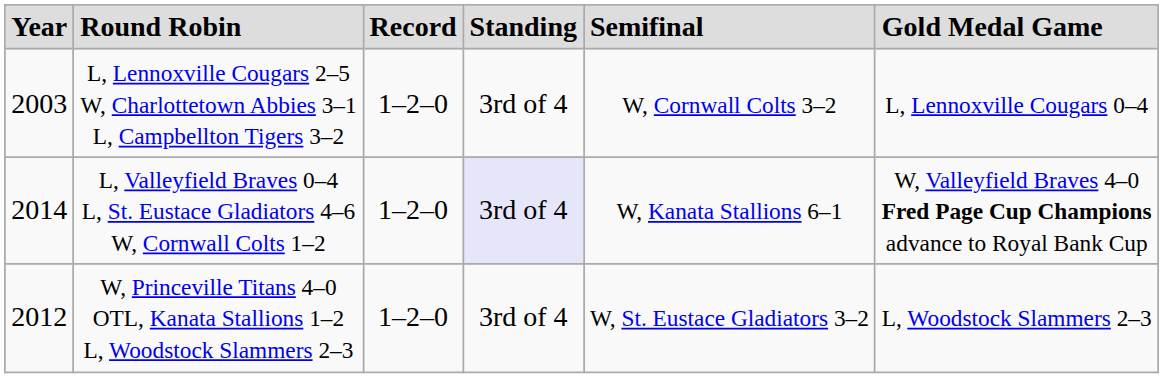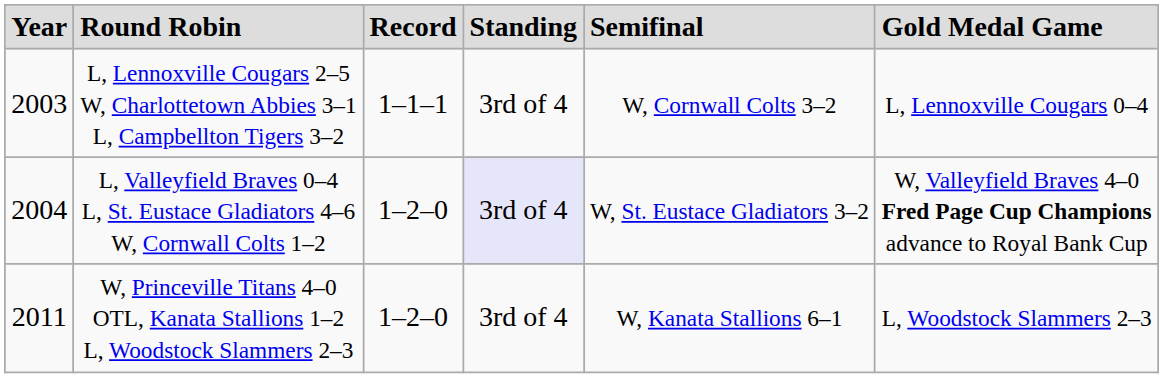 <table class="wikitable">
 <tr style="font-weight:bold; background-color:#dddddd;" |>
 <td>Year</td>
 <td>Round Robin</td>
 <td>Record</td>
 <td>Standing</td>
 <td>Semifinal</td>
 <td>Gold Medal Game</td>
 </tr>
 <tr align=center>
 <td>2003</td>
 <td><small>L, <a href='#'>Lennoxville Cougars</a> 2–5<br>W, <a href='#'>Charlottetown Abbies</a> 3–1<br>L, <a href='#'>Campbellton Tigers</a> 3–2</small></td>
-<td>1–2–0</td>
+<td>1–1–1</td>
 <td>3rd of 4</td>
 <td><small>W, <a href='#'>Cornwall Colts</a> 3–2</small></td>
 <td><small>L, <a href='#'>Lennoxville Cougars</a> 0–4</small></td>
 </tr>
 <tr align=center>
-<td>2014</td>
+<td>2004</td>
 <td><small>L, <a href='#'>Valleyfield Braves</a> 0–4<br>L, <a href='#'>St. Eustace Gladiators</a> 4–6<br>W, <a href='#'>Cornwall Colts</a> 1–2</small></td>
 <td>1–2–0</td>
 <td style="background: lavender;">3rd of 4</td>
-<td><small>W, <a href='#'>Kanata Stallions</a> 6–1</small></td>
+<td><small>W, <a href='#'>St. Eustace Gladiators</a> 3–2</small></td>
 <td><small>W, <a href='#'>Valleyfield Braves</a> 4–0<br><strong>Fred Page Cup Champions</strong><br>advance to Royal Bank Cup</small></td>
 </tr>
 <tr align=center>
-<td>2012</td>
+<td>2011</td>
 <td><small>W, <a href='#'>Princeville Titans</a> 4–0<br>OTL, <a href='#'>Kanata Stallions</a> 1–2<br>L, <a href='#'>Woodstock Slammers</a> 2–3</small></td>
 <td>1–2–0</td>
 <td>3rd of 4</td>
-<td><small>W, <a href='#'>St. Eustace Gladiators</a> 3–2</small></td>
+<td><small>W, <a href='#'>Kanata Stallions</a> 6–1</small></td>
 <td><small>L, <a href='#'>Woodstock Slammers</a> 2–3</small></td>
 </tr>
 </table>
